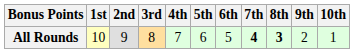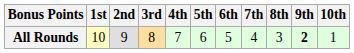 <table class="wikitable" style="font-size:85%; text-align:center;">
 <tr>
 <th>Bonus Points</th>
 <th>1st</th>
 <th>2nd</th>
 <th>3rd</th>
 <th>4th</th>
 <th>5th</th>
 <th>6th</th>
 <th>7th</th>
 <th>8th</th>
 <th>9th</th>
 <th>10th</th>
 </tr>
 <tr>
 <th>All Rounds</th>
 <td style="background:#ffffbf;">10</td>
 <td style="background:#dfdfdf;">9</td>
 <td style="background:#ffdf9f;">8</td>
 <td style="background:#dfffdf;">7</td>
 <td style="background:#dfffdf;">6</td>
 <td style="background:#dfffdf;">5</td>
-<td style="background:#dfffdf;"><strong>4</strong></td>
-<td style="background:#dfffdf;"><strong>3</strong></td>
-<td style="background:#dfffdf;">2</td>
+<td style="background:#dfffdf;">4</td>
+<td style="background:#dfffdf;">3</td>
+<td style="background:#dfffdf;"><strong>2</strong></td>
 <td style="background:#dfffdf;">1</td>
 </tr>
 <tr>
 </tr>
 </table>
